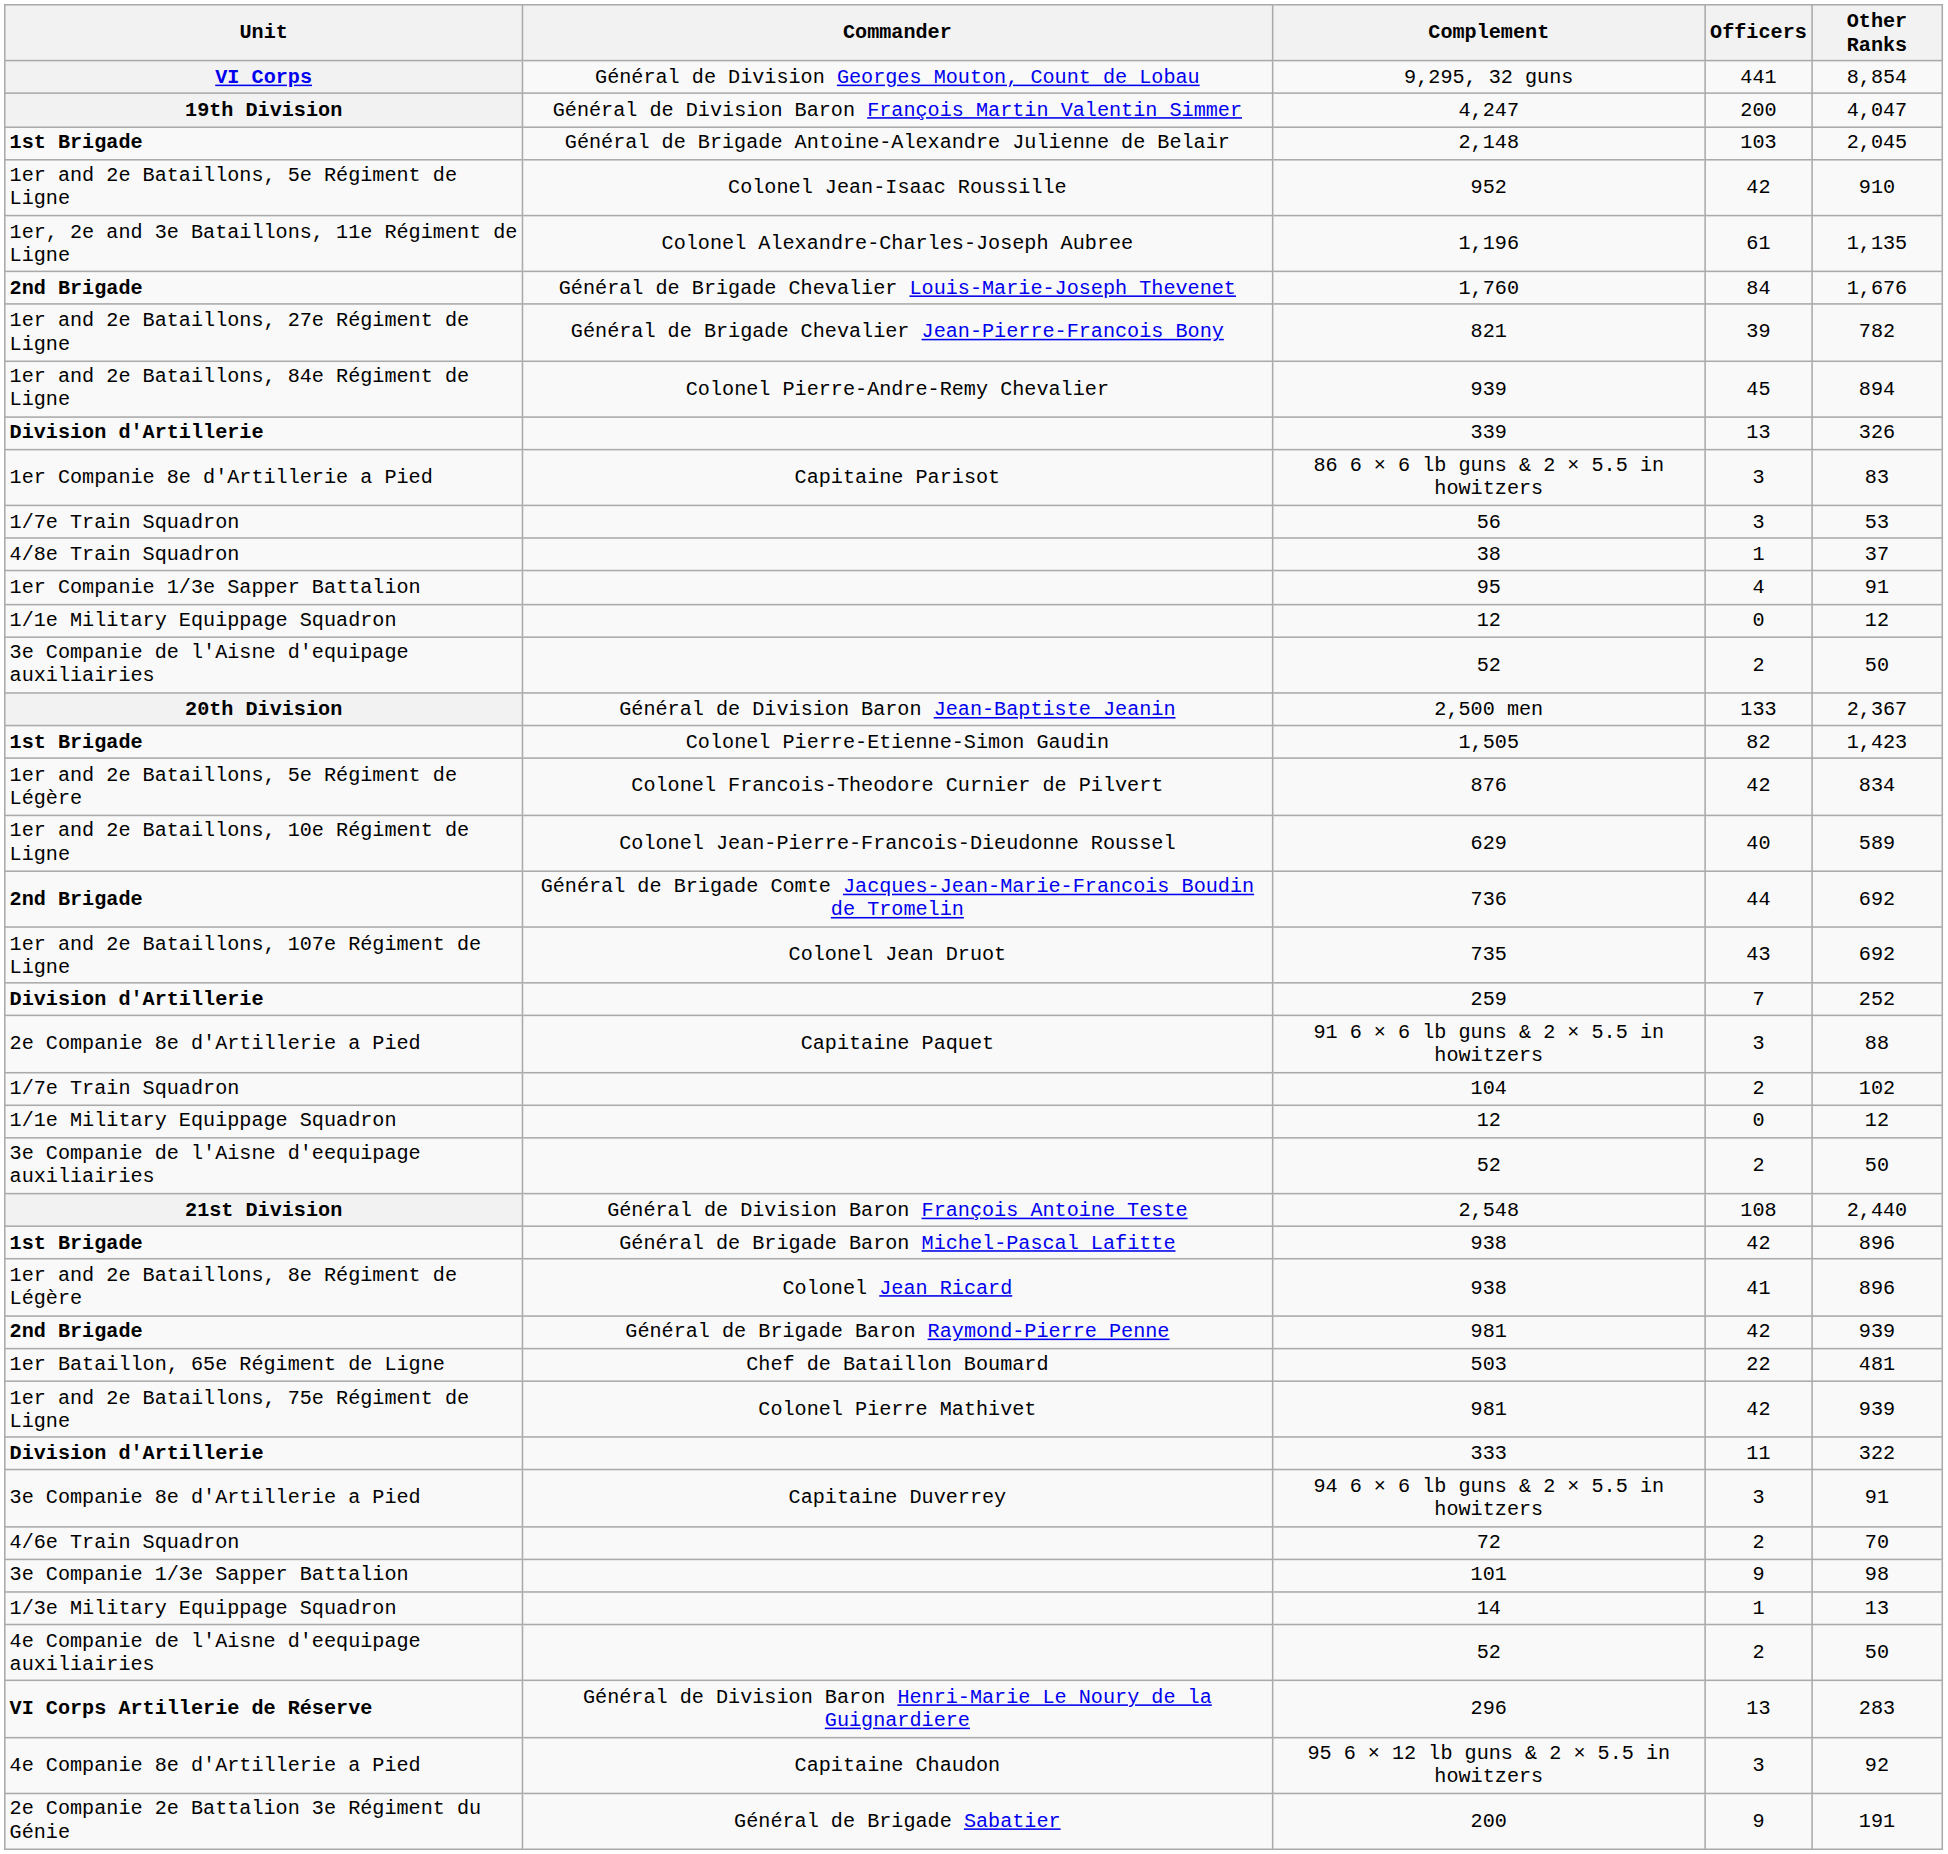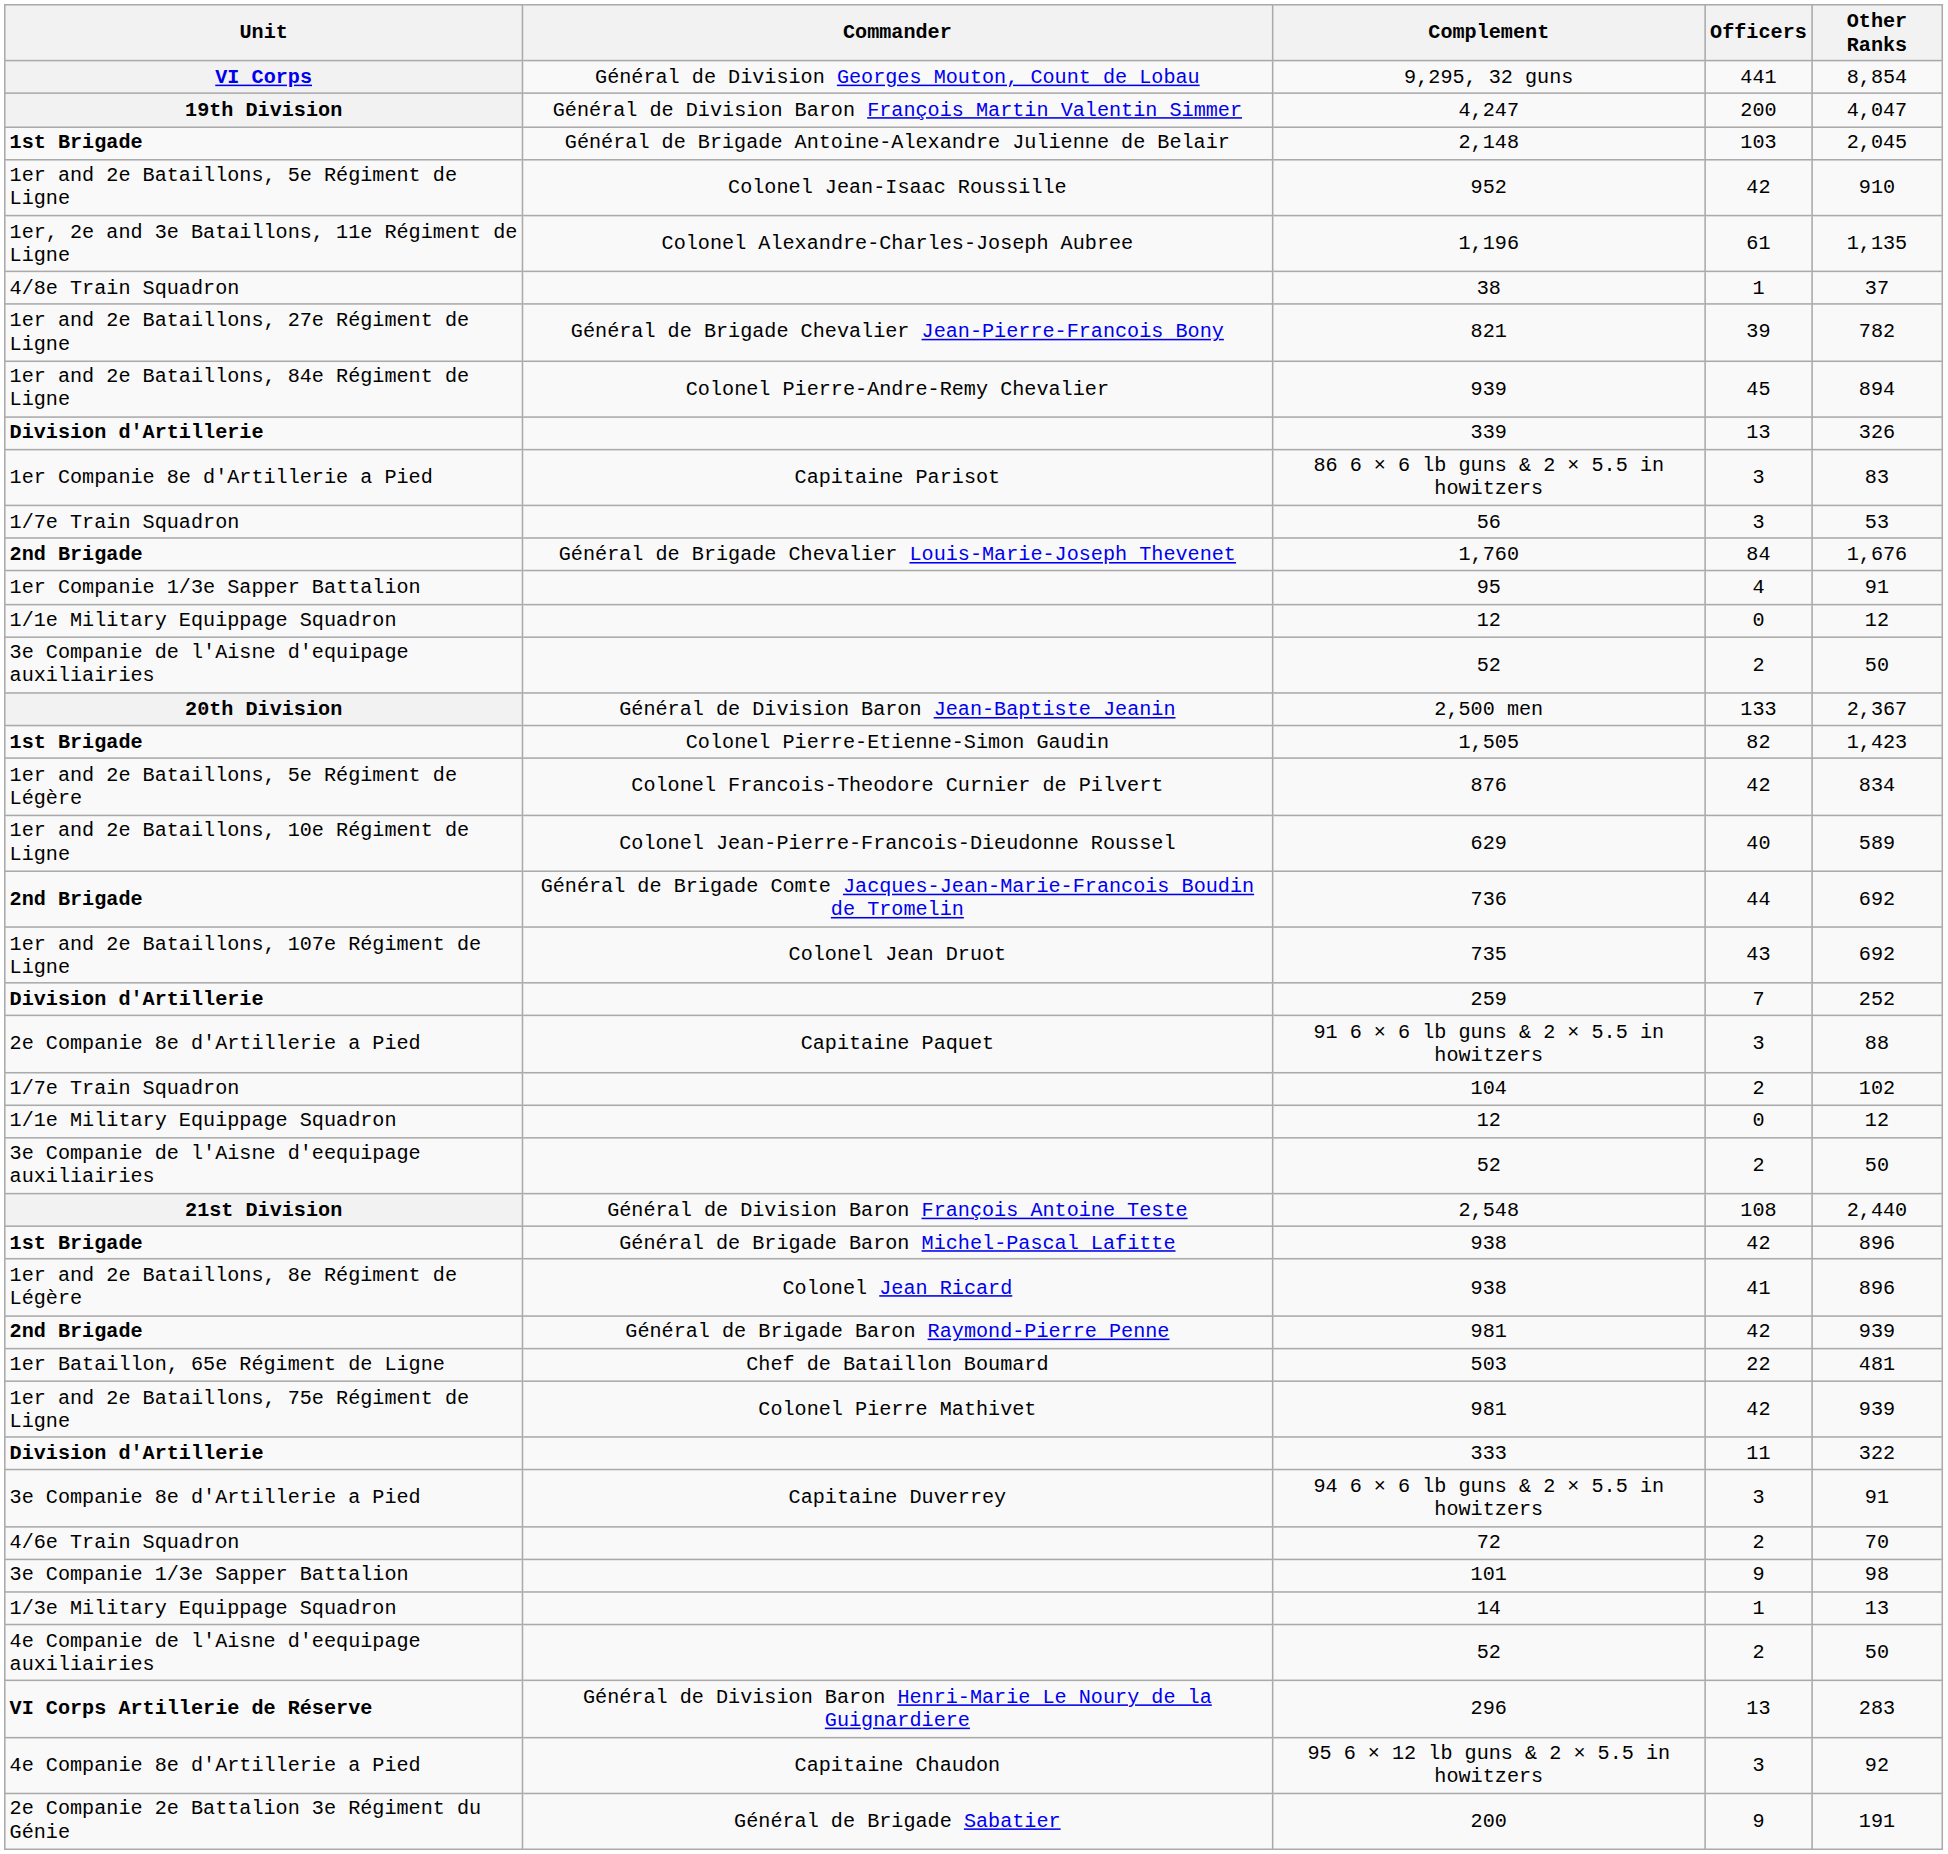 <table class="wikitable">
 <tr>
 <th>Unit</th>
 <th>Commander</th>
 <th>Complement</th>
 <th>Officers</th>
 <th>Other Ranks</th>
 </tr>
 <tr>
 <th colspan="1" bgcolor="#f9f9f9;"><a href='#'>VI Corps</a></th>
 <td align="center">Général de Division <a href='#'>Georges Mouton, Count de Lobau</a></td>
 <td align="center">9,295, 32 guns</td>
 <td align="center">441</td>
 <td align="center">8,854</td>
 </tr>
 <tr>
 <th colspan="1" bgcolor="#f9f9f9;">19th Division</th>
 <td align="center">Général de Division Baron <a href='#'>François Martin Valentin Simmer</a></td>
 <td align="center">4,247</td>
 <td align="center">200</td>
 <td align="center">4,047</td>
 </tr>
 <tr>
 <td><strong>1st Brigade</strong></td>
 <td align="center">Général de Brigade Antoine-Alexandre Julienne de Belair</td>
 <td align="center">2,148</td>
 <td align="center">103</td>
 <td align="center">2,045</td>
 </tr>
 <tr>
 <td>1er and 2e Bataillons, 5e Régiment de Ligne</td>
 <td align="center">Colonel Jean-Isaac Roussille</td>
 <td align="center">952</td>
 <td align="center">42</td>
 <td align="center">910</td>
 </tr>
 <tr>
 <td>1er, 2e and 3e Bataillons, 11e Régiment de Ligne</td>
 <td align="center">Colonel Alexandre-Charles-Joseph Aubree</td>
 <td align="center">1,196</td>
 <td align="center">61</td>
 <td align="center">1,135</td>
 </tr>
 <tr>
-<td><strong>2nd Brigade</strong></td>
-<td align="center">Général de Brigade Chevalier <a href='#'>Louis-Marie-Joseph Thevenet</a></td>
-<td align="center">1,760</td>
-<td align="center">84</td>
-<td align="center">1,676</td>
+<td>4/8e Train Squadron</td>
+<td align="center"></td>
+<td align="center">38</td>
+<td align="center">1</td>
+<td align="center">37</td>
 </tr>
 <tr>
 <td>1er and 2e Bataillons, 27e Régiment de Ligne</td>
 <td align="center">Général de Brigade Chevalier <a href='#'>Jean-Pierre-Francois Bony</a></td>
 <td align="center">821</td>
 <td align="center">39</td>
 <td align="center">782</td>
 </tr>
 <tr>
 <td>1er and 2e Bataillons, 84e Régiment de Ligne</td>
 <td align="center">Colonel Pierre-Andre-Remy Chevalier</td>
 <td align="center">939</td>
 <td align="center">45</td>
 <td align="center">894</td>
 </tr>
 <tr>
 <td><strong>Division d'Artillerie</strong></td>
 <td align="center"></td>
 <td align="center">339</td>
 <td align="center">13</td>
 <td align="center">326</td>
 </tr>
 <tr>
 <td>1er Companie 8e d'Artillerie a Pied</td>
 <td align="center">Capitaine Parisot</td>
 <td align="center">86 6 × 6 lb guns & 2 × 5.5 in howitzers</td>
 <td align="center">3</td>
 <td align="center">83</td>
 </tr>
 <tr>
 <td>1/7e Train Squadron</td>
 <td align="center"></td>
 <td align="center">56</td>
 <td align="center">3</td>
 <td align="center">53</td>
 </tr>
 <tr>
-<td>4/8e Train Squadron</td>
-<td align="center"></td>
-<td align="center">38</td>
-<td align="center">1</td>
-<td align="center">37</td>
+<td><strong>2nd Brigade</strong></td>
+<td align="center">Général de Brigade Chevalier <a href='#'>Louis-Marie-Joseph Thevenet</a></td>
+<td align="center">1,760</td>
+<td align="center">84</td>
+<td align="center">1,676</td>
 </tr>
 <tr>
 <td>1er Companie 1/3e Sapper Battalion</td>
 <td align="center"></td>
 <td align="center">95</td>
 <td align="center">4</td>
 <td align="center">91</td>
 </tr>
 <tr>
 <td>1/1e Military Equippage Squadron</td>
 <td align="center"></td>
 <td align="center">12</td>
 <td align="center">0</td>
 <td align="center">12</td>
 </tr>
 <tr>
 <td>3e Companie de l'Aisne d'equipage auxiliairies</td>
 <td align="center"></td>
 <td align="center">52</td>
 <td align="center">2</td>
 <td align="center">50</td>
 </tr>
 <tr>
 <th colspan="1" bgcolor="#f9f9f9;">20th Division</th>
 <td align="center">Général de Division Baron <a href='#'>Jean-Baptiste Jeanin</a></td>
 <td align="center">2,500 men</td>
 <td align="center">133</td>
 <td align="center">2,367</td>
 </tr>
 <tr>
 <td><strong>1st Brigade</strong></td>
 <td align="center">Colonel Pierre-Etienne-Simon Gaudin</td>
 <td align="center">1,505</td>
 <td align="center">82</td>
 <td align="center">1,423</td>
 </tr>
 <tr>
 <td>1er and 2e Bataillons, 5e Régiment de Légère</td>
 <td align="center">Colonel Francois-Theodore Curnier de Pilvert</td>
 <td align="center">876</td>
 <td align="center">42</td>
 <td align="center">834</td>
 </tr>
 <tr>
 <td>1er and 2e Bataillons, 10e Régiment de Ligne</td>
 <td align="center">Colonel Jean-Pierre-Francois-Dieudonne Roussel</td>
 <td align="center">629</td>
 <td align="center">40</td>
 <td align="center">589</td>
 </tr>
 <tr>
 <td><strong>2nd Brigade</strong></td>
 <td align="center">Général de Brigade Comte <a href='#'>Jacques-Jean-Marie-Francois Boudin de Tromelin</a></td>
 <td align="center">736</td>
 <td align="center">44</td>
 <td align="center">692</td>
 </tr>
 <tr>
 <td>1er and 2e Bataillons, 107e Régiment de Ligne</td>
 <td align="center">Colonel Jean Druot</td>
 <td align="center">735</td>
 <td align="center">43</td>
 <td align="center">692</td>
 </tr>
 <tr>
 <td><strong>Division d'Artillerie</strong></td>
 <td align="center"></td>
 <td align="center">259</td>
 <td align="center">7</td>
 <td align="center">252</td>
 </tr>
 <tr>
 <td>2e Companie 8e d'Artillerie a Pied</td>
 <td align="center">Capitaine Paquet</td>
 <td align="center">91 6 × 6 lb guns & 2 × 5.5 in howitzers</td>
 <td align="center">3</td>
 <td align="center">88</td>
 </tr>
 <tr>
 <td>1/7e Train Squadron</td>
 <td align="center"></td>
 <td align="center">104</td>
 <td align="center">2</td>
 <td align="center">102</td>
 </tr>
 <tr>
 <td>1/1e Military Equippage Squadron</td>
 <td align="center"></td>
 <td align="center">12</td>
 <td align="center">0</td>
 <td align="center">12</td>
 </tr>
 <tr>
 <td>3e Companie de l'Aisne d'eequipage auxiliairies</td>
 <td align="center"></td>
 <td align="center">52</td>
 <td align="center">2</td>
 <td align="center">50</td>
 </tr>
 <tr>
 <th colspan="1" bgcolor="#f9f9f9;">21st Division</th>
 <td align="center">Général de Division Baron <a href='#'>François Antoine Teste</a></td>
 <td align="center">2,548</td>
 <td align="center">108</td>
 <td align="center">2,440</td>
 </tr>
 <tr>
 <td><strong>1st Brigade</strong></td>
 <td align="center">Général de Brigade Baron <a href='#'>Michel-Pascal Lafitte</a></td>
 <td align="center">938</td>
 <td align="center">42</td>
 <td align="center">896</td>
 </tr>
 <tr>
 <td>1er and 2e Bataillons, 8e Régiment de Légère</td>
 <td align="center">Colonel <a href='#'>Jean Ricard</a></td>
 <td align="center">938</td>
 <td align="center">41</td>
 <td align="center">896</td>
 </tr>
 <tr>
 <td><strong>2nd Brigade</strong></td>
 <td align="center">Général de Brigade Baron <a href='#'>Raymond-Pierre Penne</a></td>
 <td align="center">981</td>
 <td align="center">42</td>
 <td align="center">939</td>
 </tr>
 <tr>
 <td>1er Bataillon, 65e Régiment de Ligne</td>
 <td align="center">Chef de Bataillon Boumard</td>
 <td align="center">503</td>
 <td align="center">22</td>
 <td align="center">481</td>
 </tr>
 <tr>
 <td>1er and 2e Bataillons, 75e Régiment de Ligne</td>
 <td align="center">Colonel Pierre Mathivet</td>
 <td align="center">981</td>
 <td align="center">42</td>
 <td align="center">939</td>
 </tr>
 <tr>
 <td><strong>Division d'Artillerie</strong></td>
 <td align="center"></td>
 <td align="center">333</td>
 <td align="center">11</td>
 <td align="center">322</td>
 </tr>
 <tr>
 <td>3e Companie 8e d'Artillerie a Pied</td>
 <td align="center">Capitaine Duverrey</td>
 <td align="center">94 6 × 6 lb guns & 2 × 5.5 in howitzers</td>
 <td align="center">3</td>
 <td align="center">91</td>
 </tr>
 <tr>
 <td>4/6e Train Squadron</td>
 <td align="center"></td>
 <td align="center">72</td>
 <td align="center">2</td>
 <td align="center">70</td>
 </tr>
 <tr>
 <td>3e Companie 1/3e Sapper Battalion</td>
 <td align="center"></td>
 <td align="center">101</td>
 <td align="center">9</td>
 <td align="center">98</td>
 </tr>
 <tr>
 <td>1/3e Military Equippage Squadron</td>
 <td align="center"></td>
 <td align="center">14</td>
 <td align="center">1</td>
 <td align="center">13</td>
 </tr>
 <tr>
 <td>4e Companie de l'Aisne d'eequipage auxiliairies</td>
 <td align="center"></td>
 <td align="center">52</td>
 <td align="center">2</td>
 <td align="center">50</td>
 </tr>
 <tr>
 <td><strong>VI Corps Artillerie de Réserve</strong></td>
 <td align="center">Général de Division Baron <a href='#'>Henri-Marie Le Noury de la Guignardiere</a></td>
 <td align="center">296</td>
 <td align="center">13</td>
 <td align="center">283</td>
 </tr>
 <tr>
 <td>4e Companie 8e d'Artillerie a Pied</td>
 <td align="center">Capitaine Chaudon</td>
 <td align="center">95 6 × 12 lb guns & 2 × 5.5 in howitzers</td>
 <td align="center">3</td>
 <td align="center">92</td>
 </tr>
 <tr>
 <td>2e Companie 2e Battalion 3e Régiment du Génie</td>
 <td align="center">Général de Brigade <a href='#'>Sabatier</a></td>
 <td align="center">200</td>
 <td align="center">9</td>
 <td align="center">191</td>
 </tr>
 </table>
